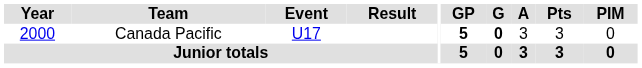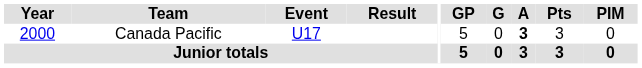 <table border="0" cellpadding="1" cellspacing="0" ID="Table3" style="text-align:center; width:40em">
 <tr ALIGN="center" bgcolor="#e0e0e0">
 <th>Year</th>
 <th>Team</th>
 <th>Event</th>
 <th>Result</th>
 <th rowspan="99" bgcolor="#ffffff"></th>
 <th>GP</th>
 <th>G</th>
 <th>A</th>
 <th>Pts</th>
 <th>PIM</th>
 </tr>
 <tr>
 <td><a href='#'>2000</a></td>
 <td>Canada Pacific</td>
 <td><a href='#'>U17</a></td>
 <td></td>
-<td><strong>5</strong></td>
-<td><strong>0</strong></td>
-<td>3</td>
+<td>5</td>
+<td>0</td>
+<td><strong>3</strong></td>
 <td>3</td>
 <td>0</td>
 </tr>
 <tr bgcolor="#e0e0e0">
 <th colspan="4">Junior totals</th>
 <th>5</th>
 <th>0</th>
 <th>3</th>
 <th>3</th>
 <th>0</th>
 </tr>
 </table>
